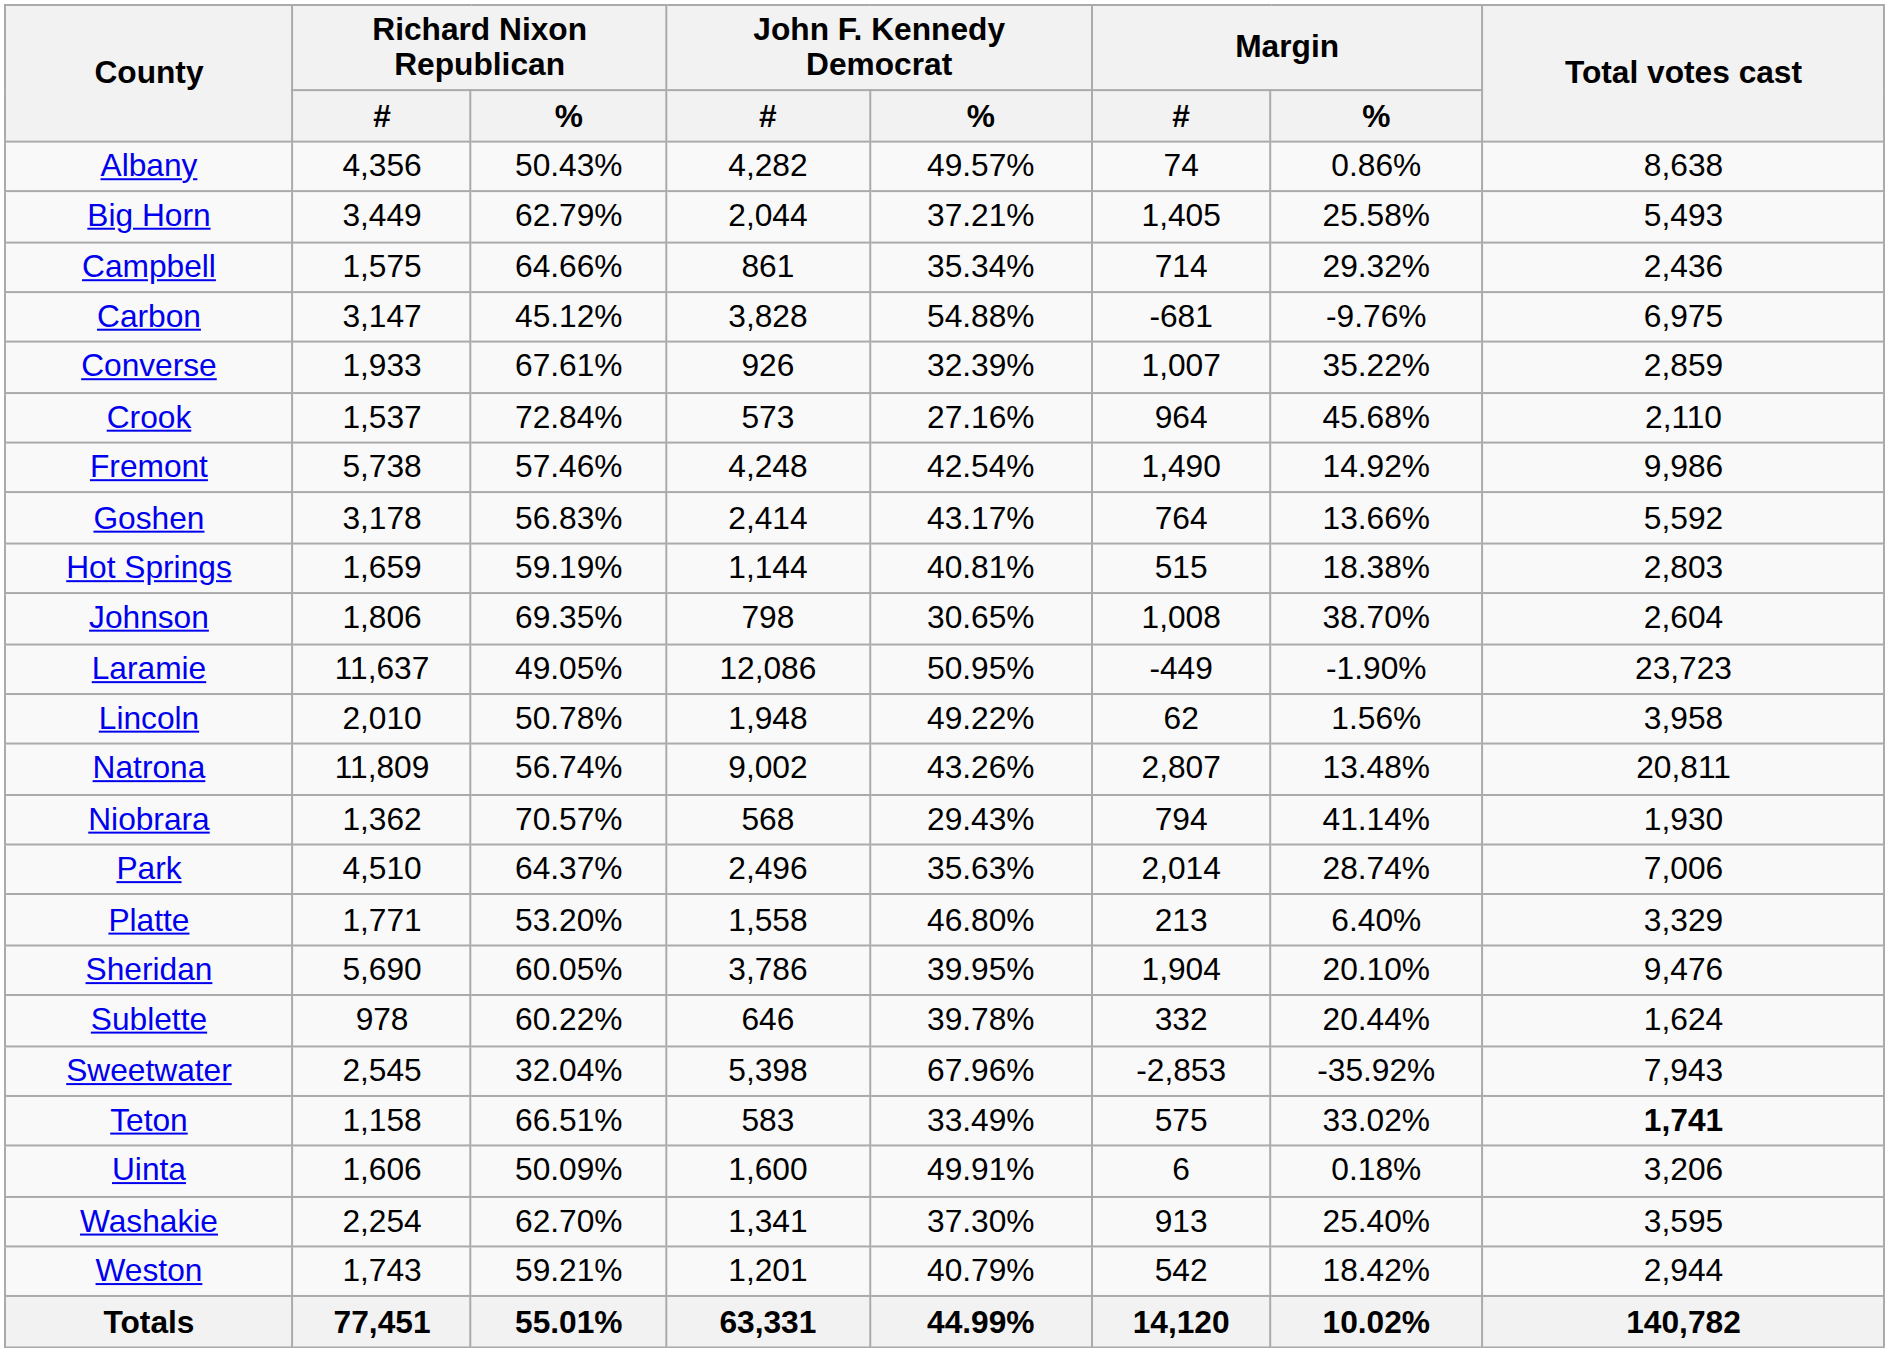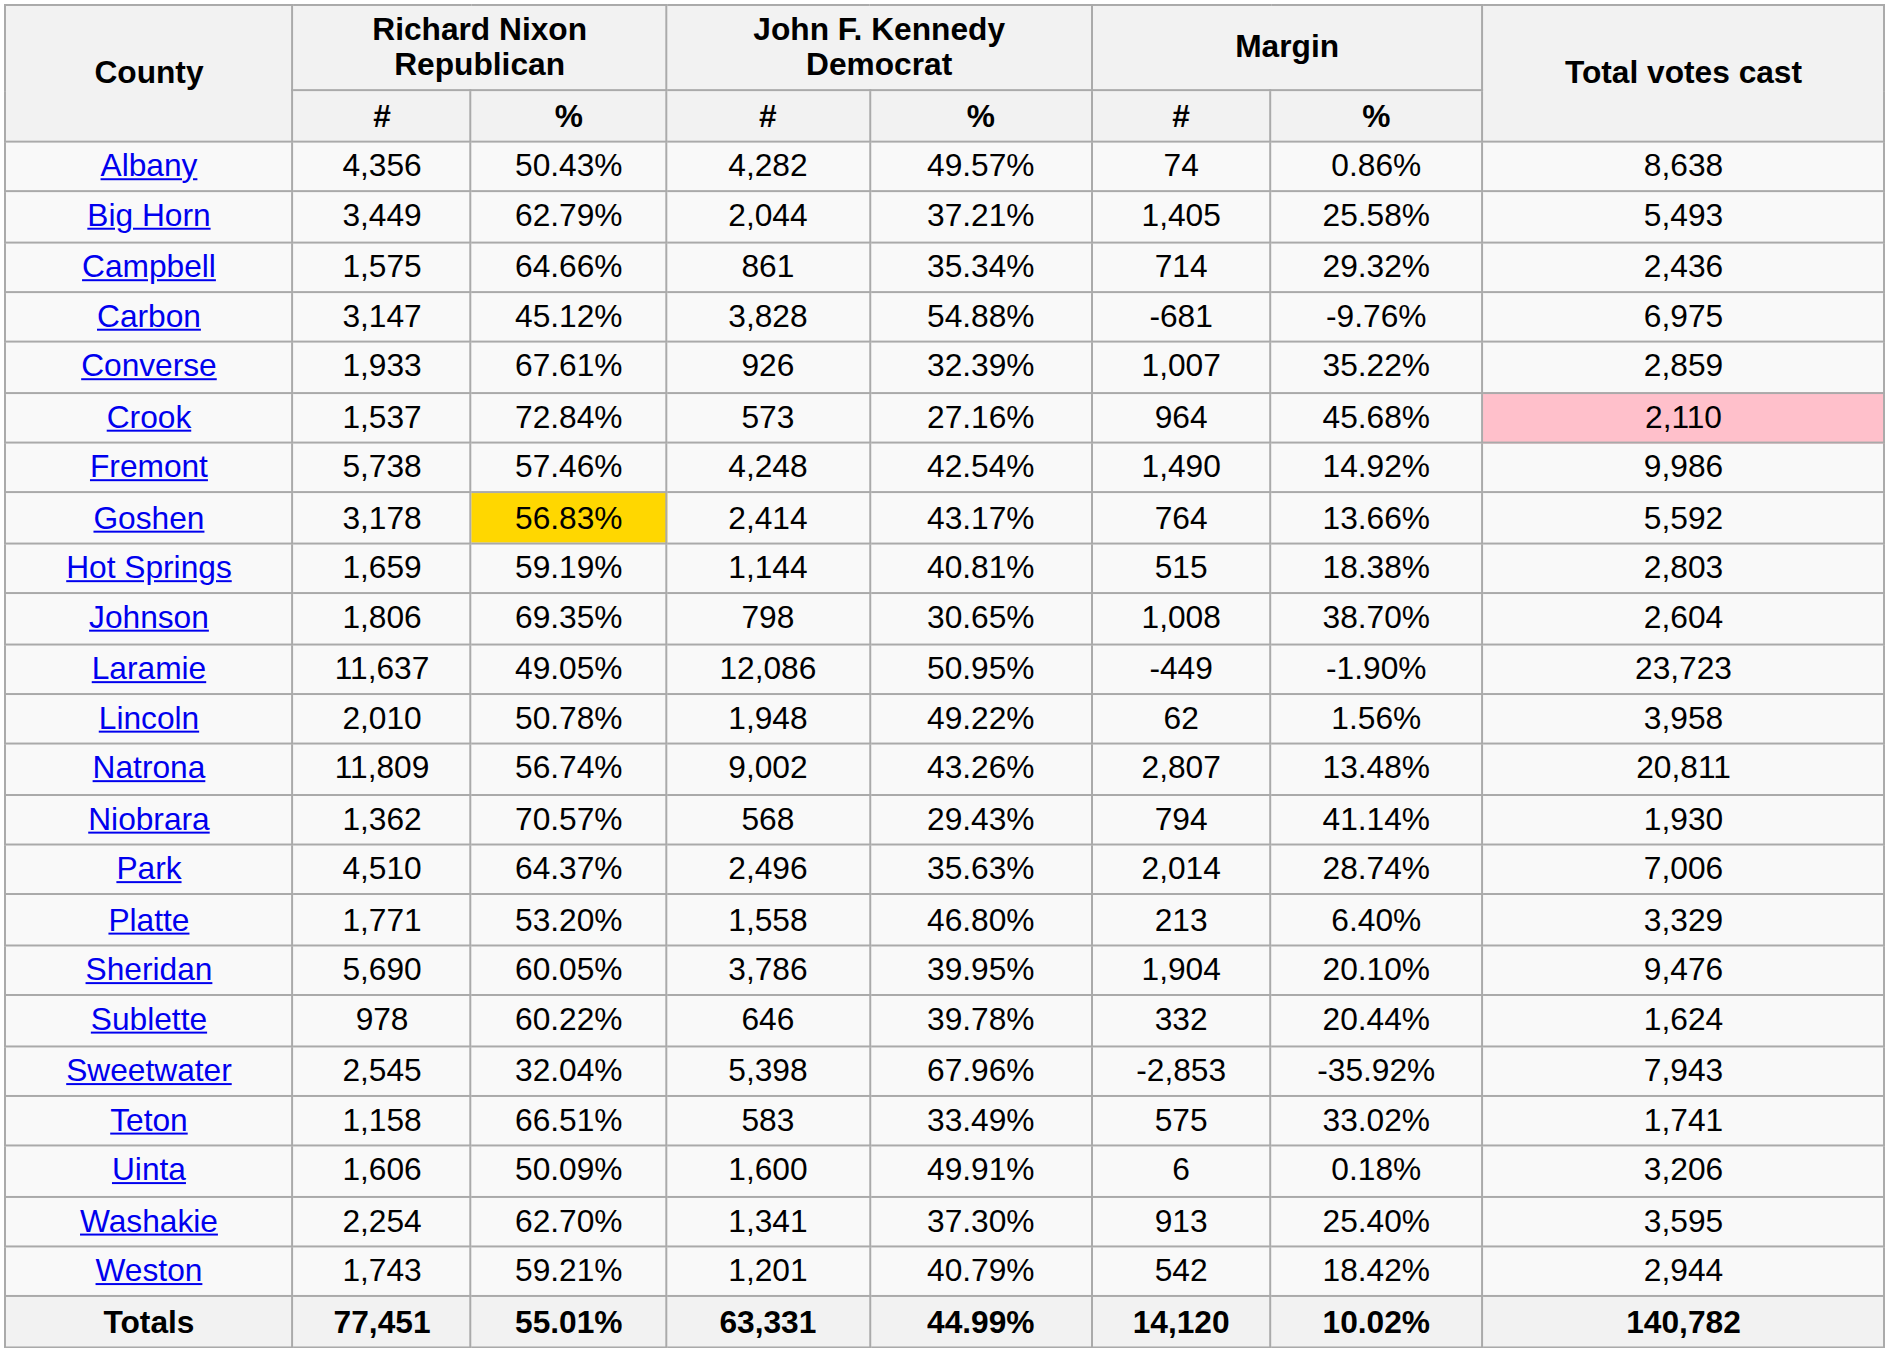 <table width="60%" class="wikitable sortable" style="text-align:center">
 <tr>
 <th style="text-align:center;" rowspan="2">County</th>
 <th style="text-align:center;" colspan="2">Richard Nixon<br>Republican</th>
 <th style="text-align:center;" colspan="2">John F. Kennedy<br>Democrat</th>
 <th style="text-align:center;" colspan="2">Margin</th>
 <th style="text-align:center;" rowspan="2">Total votes cast</th>
 </tr>
 <tr>
 <th style="text-align:center;" data-sort-type="number">#</th>
 <th style="text-align:center;" data-sort-type="number">%</th>
 <th style="text-align:center;" data-sort-type="number">#</th>
 <th style="text-align:center;" data-sort-type="number">%</th>
 <th style="text-align:center;" data-sort-type="number">#</th>
 <th style="text-align:center;" data-sort-type="number">%</th>
 </tr>
 <tr style="text-align:center;">
 <td><a href='#'>Albany</a></td>
 <td>4,356</td>
 <td>50.43%</td>
 <td>4,282</td>
 <td>49.57%</td>
 <td>74</td>
 <td>0.86%</td>
 <td>8,638</td>
 </tr>
 <tr style="text-align:center;">
 <td><a href='#'>Big Horn</a></td>
 <td>3,449</td>
 <td>62.79%</td>
 <td>2,044</td>
 <td>37.21%</td>
 <td>1,405</td>
 <td>25.58%</td>
 <td>5,493</td>
 </tr>
 <tr style="text-align:center;">
 <td><a href='#'>Campbell</a></td>
 <td>1,575</td>
 <td>64.66%</td>
 <td>861</td>
 <td>35.34%</td>
 <td>714</td>
 <td>29.32%</td>
 <td>2,436</td>
 </tr>
 <tr style="text-align:center;">
 <td><a href='#'>Carbon</a></td>
 <td>3,147</td>
 <td>45.12%</td>
 <td>3,828</td>
 <td>54.88%</td>
 <td>-681</td>
 <td>-9.76%</td>
 <td>6,975</td>
 </tr>
 <tr style="text-align:center;">
 <td><a href='#'>Converse</a></td>
 <td>1,933</td>
 <td>67.61%</td>
 <td>926</td>
 <td>32.39%</td>
 <td>1,007</td>
 <td>35.22%</td>
 <td>2,859</td>
 </tr>
 <tr style="text-align:center;">
 <td><a href='#'>Crook</a></td>
 <td>1,537</td>
 <td>72.84%</td>
 <td>573</td>
 <td>27.16%</td>
 <td>964</td>
 <td>45.68%</td>
-<td>2,110</td>
+<td style="background: pink;">2,110</td>
 </tr>
 <tr style="text-align:center;">
 <td><a href='#'>Fremont</a></td>
 <td>5,738</td>
 <td>57.46%</td>
 <td>4,248</td>
 <td>42.54%</td>
 <td>1,490</td>
 <td>14.92%</td>
 <td>9,986</td>
 </tr>
 <tr style="text-align:center;">
 <td><a href='#'>Goshen</a></td>
 <td>3,178</td>
-<td>56.83%</td>
+<td style="background: gold;">56.83%</td>
 <td>2,414</td>
 <td>43.17%</td>
 <td>764</td>
 <td>13.66%</td>
 <td>5,592</td>
 </tr>
 <tr style="text-align:center;">
 <td><a href='#'>Hot Springs</a></td>
 <td>1,659</td>
 <td>59.19%</td>
 <td>1,144</td>
 <td>40.81%</td>
 <td>515</td>
 <td>18.38%</td>
 <td>2,803</td>
 </tr>
 <tr style="text-align:center;">
 <td><a href='#'>Johnson</a></td>
 <td>1,806</td>
 <td>69.35%</td>
 <td>798</td>
 <td>30.65%</td>
 <td>1,008</td>
 <td>38.70%</td>
 <td>2,604</td>
 </tr>
 <tr style="text-align:center;">
 <td><a href='#'>Laramie</a></td>
 <td>11,637</td>
 <td>49.05%</td>
 <td>12,086</td>
 <td>50.95%</td>
 <td>-449</td>
 <td>-1.90%</td>
 <td>23,723</td>
 </tr>
 <tr style="text-align:center;">
 <td><a href='#'>Lincoln</a></td>
 <td>2,010</td>
 <td>50.78%</td>
 <td>1,948</td>
 <td>49.22%</td>
 <td>62</td>
 <td>1.56%</td>
 <td>3,958</td>
 </tr>
 <tr style="text-align:center;">
 <td><a href='#'>Natrona</a></td>
 <td>11,809</td>
 <td>56.74%</td>
 <td>9,002</td>
 <td>43.26%</td>
 <td>2,807</td>
 <td>13.48%</td>
 <td>20,811</td>
 </tr>
 <tr style="text-align:center;">
 <td><a href='#'>Niobrara</a></td>
 <td>1,362</td>
 <td>70.57%</td>
 <td>568</td>
 <td>29.43%</td>
 <td>794</td>
 <td>41.14%</td>
 <td>1,930</td>
 </tr>
 <tr style="text-align:center;">
 <td><a href='#'>Park</a></td>
 <td>4,510</td>
 <td>64.37%</td>
 <td>2,496</td>
 <td>35.63%</td>
 <td>2,014</td>
 <td>28.74%</td>
 <td>7,006</td>
 </tr>
 <tr style="text-align:center;">
 <td><a href='#'>Platte</a></td>
 <td>1,771</td>
 <td>53.20%</td>
 <td>1,558</td>
 <td>46.80%</td>
 <td>213</td>
 <td>6.40%</td>
 <td>3,329</td>
 </tr>
 <tr style="text-align:center;">
 <td><a href='#'>Sheridan</a></td>
 <td>5,690</td>
 <td>60.05%</td>
 <td>3,786</td>
 <td>39.95%</td>
 <td>1,904</td>
 <td>20.10%</td>
 <td>9,476</td>
 </tr>
 <tr style="text-align:center;">
 <td><a href='#'>Sublette</a></td>
 <td>978</td>
 <td>60.22%</td>
 <td>646</td>
 <td>39.78%</td>
 <td>332</td>
 <td>20.44%</td>
 <td>1,624</td>
 </tr>
 <tr style="text-align:center;">
 <td><a href='#'>Sweetwater</a></td>
 <td>2,545</td>
 <td>32.04%</td>
 <td>5,398</td>
 <td>67.96%</td>
 <td>-2,853</td>
 <td>-35.92%</td>
 <td>7,943</td>
 </tr>
 <tr style="text-align:center;">
 <td><a href='#'>Teton</a></td>
 <td>1,158</td>
 <td>66.51%</td>
 <td>583</td>
 <td>33.49%</td>
 <td>575</td>
 <td>33.02%</td>
-<td><strong>1,741</strong></td>
+<td>1,741</td>
 </tr>
 <tr style="text-align:center;">
 <td><a href='#'>Uinta</a></td>
 <td>1,606</td>
 <td>50.09%</td>
 <td>1,600</td>
 <td>49.91%</td>
 <td>6</td>
 <td>0.18%</td>
 <td>3,206</td>
 </tr>
 <tr style="text-align:center;">
 <td><a href='#'>Washakie</a></td>
 <td>2,254</td>
 <td>62.70%</td>
 <td>1,341</td>
 <td>37.30%</td>
 <td>913</td>
 <td>25.40%</td>
 <td>3,595</td>
 </tr>
 <tr style="text-align:center;">
 <td><a href='#'>Weston</a></td>
 <td>1,743</td>
 <td>59.21%</td>
 <td>1,201</td>
 <td>40.79%</td>
 <td>542</td>
 <td>18.42%</td>
 <td>2,944</td>
 </tr>
 <tr style="text-align:center;">
 <th>Totals</th>
 <th>77,451</th>
 <th>55.01%</th>
 <th>63,331</th>
 <th>44.99%</th>
 <th>14,120</th>
 <th>10.02%</th>
 <th>140,782</th>
 </tr>
 </table>
